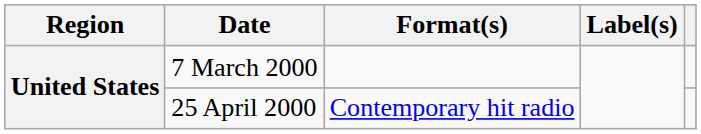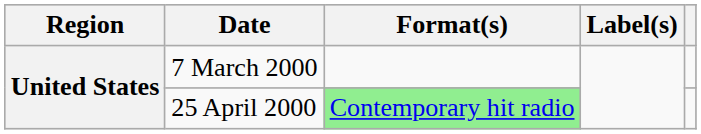 <table class="wikitable plainrowheaders">
 <tr>
 <th scope="col">Region</th>
 <th scope="col">Date</th>
 <th scope="col">Format(s)</th>
 <th scope="col">Label(s)</th>
 <th scope="col"></th>
 </tr>
 <tr>
 <th scope="row" rowspan="2">United States</th>
 <td>7 March 2000</td>
 <td></td>
 <td rowspan="2"></td>
 <td align="center"></td>
 </tr>
 <tr>
 <td>25 April 2000</td>
-<td><a href='#'>Contemporary hit radio</a></td>
+<td style="background: lightgreen;"><a href='#'>Contemporary hit radio</a></td>
 <td align="center"></td>
 </tr>
 </table>
